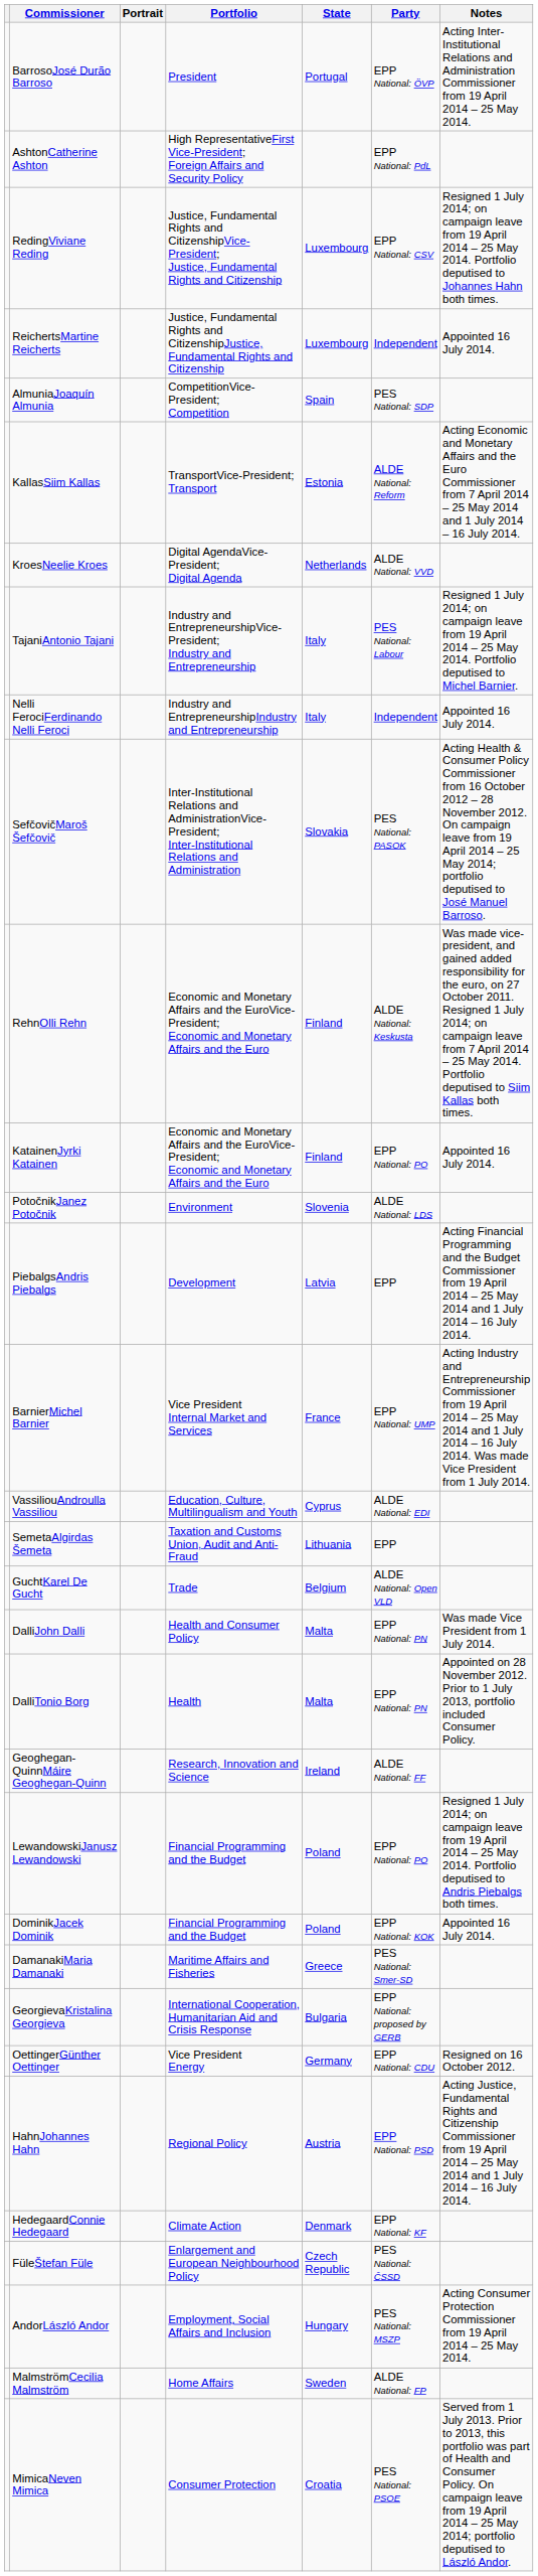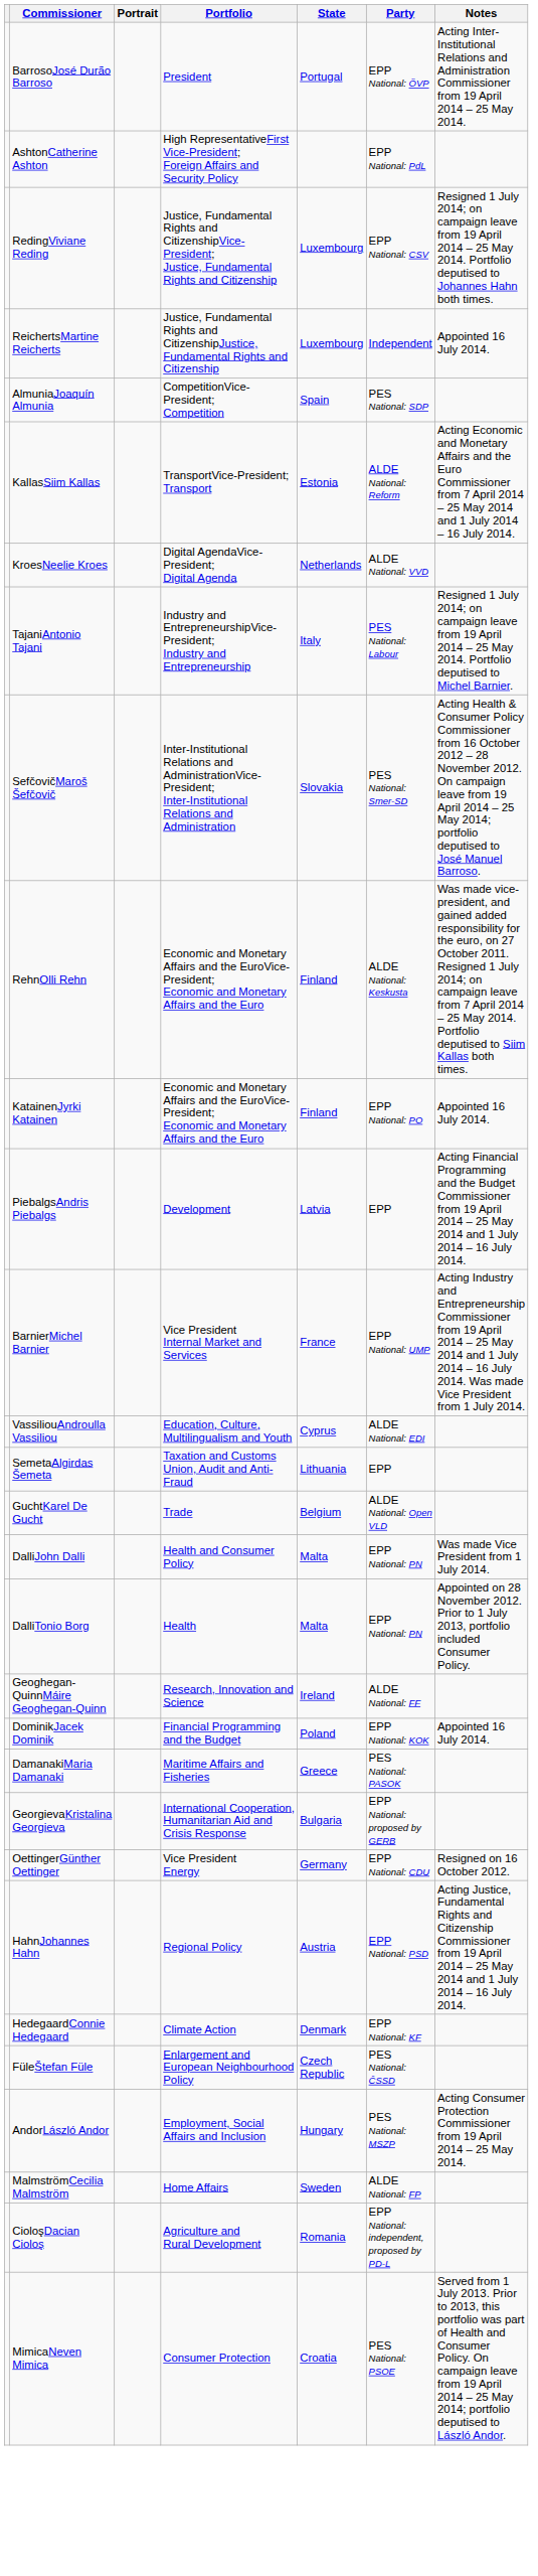 <table class="wikitable sortable" width=100% style="border-collapse:collapse; border:#555">
 <tr>
 <th class="unsortable"></th>
 <th bgcolor="#99BADD"><a href='#'>Commissioner</a></th>
 <th bgcolor="#99BADD" class="unsortable">Portrait</th>
 <th bgcolor="#99BADD"><a href='#'>Portfolio</a></th>
 <th bgcolor="#99BADD"><a href='#'>State</a></th>
 <th bgcolor="#99BADD"><a href='#'>Party</a></th>
 <th class="unsortable">Notes</th>
 </tr>
 <tr>
 <td width=5px style="background-color: "></td>
 <td><span>Barroso</span><a href='#'>José Durão Barroso</a></td>
 <td></td>
 <td><a href='#'>President</a></td>
 <td> <a href='#'>Portugal</a></td>
 <td>EPP<br><small><em>National: <a href='#'>ÖVP</a></em></small></td>
 <td>Acting Inter-Institutional Relations and Administration Commissioner from 19 April 2014 – 25 May 2014.</td>
 </tr>
 <tr>
 <td style="background-color: "></td>
 <td><span>Ashton</span><a href='#'>Catherine Ashton</a></td>
 <td></td>
 <td><span>High Representative</span><a href='#'>First Vice-President</a>;<br><a href='#'>Foreign Affairs and Security Policy</a></td>
 <td></td>
 <td>EPP<br><small><em>National: <a href='#'>PdL</a></em></small></td>
 <td></td>
 </tr>
 <tr>
 <td width=5px style="background-color: "></td>
 <td><span>Reding</span><a href='#'>Viviane Reding</a></td>
 <td></td>
 <td><span>Justice, Fundamental Rights and Citizenship</span><a href='#'>Vice-President</a>;<br><a href='#'>Justice, Fundamental Rights and Citizenship</a></td>
 <td> <a href='#'>Luxembourg</a></td>
 <td>EPP<br><small><em>National: <a href='#'>CSV</a></em></small></td>
 <td>Resigned 1 July 2014; on campaign leave from 19 April 2014 – 25 May 2014. Portfolio deputised to <a href='#'>Johannes Hahn</a> both times.</td>
 </tr>
 <tr>
 <td width=5px style="background-color: "></td>
 <td><span>Reicherts</span><a href='#'>Martine Reicherts</a></td>
 <td></td>
 <td><span>Justice, Fundamental Rights and Citizenship</span><a href='#'>Justice, Fundamental Rights and Citizenship</a></td>
 <td> <a href='#'>Luxembourg</a></td>
 <td><a href='#'>Independent</a></td>
 <td>Appointed 16 July 2014.</td>
 </tr>
 <tr>
 <td style="background-color: "></td>
 <td><span>Almunia</span><a href='#'>Joaquín Almunia</a></td>
 <td></td>
 <td><span>Competition</span>Vice-President;<br><a href='#'>Competition</a></td>
 <td> <a href='#'>Spain</a></td>
 <td>PES<br><small><em>National: <a href='#'>SDP</a></em></small></td>
 <td></td>
 </tr>
 <tr>
 <td width=5px style="background-color: "></td>
 <td><span>Kallas</span><a href='#'>Siim Kallas</a></td>
 <td></td>
 <td><span>Transport</span>Vice-President;<br><a href='#'>Transport</a></td>
 <td> <a href='#'>Estonia</a></td>
 <td><a href='#'>ALDE</a><br><small><em>National: <a href='#'>Reform</a></em></small></td>
 <td>Acting Economic and Monetary Affairs and the Euro Commissioner from 7 April 2014 – 25 May 2014 and 1 July 2014 – 16 July 2014.</td>
 </tr>
 <tr>
 <td width=5px style="background-color: "></td>
 <td><span>Kroes</span><a href='#'>Neelie Kroes</a></td>
 <td></td>
 <td><span>Digital Agenda</span>Vice-President;<br><a href='#'>Digital Agenda</a></td>
 <td> <a href='#'>Netherlands</a></td>
 <td>ALDE<br><small><em>National: <a href='#'>VVD</a></em></small></td>
 <td></td>
 </tr>
 <tr>
 <td width=5px style="background-color: "></td>
 <td><span>Tajani</span><a href='#'>Antonio Tajani</a></td>
 <td></td>
 <td><span>Industry and Entrepreneurship</span>Vice-President;<br><a href='#'>Industry and Entrepreneurship</a></td>
 <td> <a href='#'>Italy</a></td>
 <td><a href='#'>PES</a><br><small><em>National: <a href='#'>Labour</a></em></small></td>
 <td>Resigned 1 July 2014; on campaign leave from 19 April 2014 – 25 May 2014. Portfolio deputised to <a href='#'>Michel Barnier</a>.</td>
 </tr>
 <tr>
-<td width=5px style="background-color: "></td>
-<td><span>Nelli Feroci</span><a href='#'>Ferdinando Nelli Feroci</a></td>
-<td></td>
-<td><span>Industry and Entrepreneurship</span><a href='#'>Industry and Entrepreneurship</a></td>
-<td> <a href='#'>Italy</a></td>
-<td><a href='#'>Independent</a></td>
-<td>Appointed 16 July 2014.</td>
-</tr>
-<tr>
 <td style="background-color: "></td>
 <td><span>Sefčovič</span><a href='#'>Maroš Šefčovič</a></td>
 <td></td>
 <td><span>Inter-Institutional Relations and Administration</span>Vice-President;<br><a href='#'>Inter-Institutional Relations and Administration</a></td>
 <td> <a href='#'>Slovakia</a></td>
-<td>PES<br><small><em>National: <a href='#'>PASOK</a></em></small></td>
+<td>PES<br><small><em>National: <a href='#'>Smer-SD</a></em></small></td>
 <td>Acting Health & Consumer Policy Commissioner from 16 October 2012 – 28 November 2012. On campaign leave from 19 April 2014 – 25 May 2014; portfolio deputised to <a href='#'>José Manuel Barroso</a>.</td>
 </tr>
 <tr>
 <td width=5px style="background-color: "></td>
 <td><span>Rehn</span><a href='#'>Olli Rehn</a></td>
 <td></td>
 <td><span>Economic and Monetary Affairs and the Euro</span>Vice-President;<br><a href='#'>Economic and Monetary Affairs and the Euro</a></td>
 <td> <a href='#'>Finland</a></td>
 <td>ALDE<br><small><em>National: <a href='#'>Keskusta</a></em></small></td>
 <td>Was made vice-president, and gained added responsibility for the euro, on 27 October 2011. Resigned 1 July 2014; on campaign leave from 7 April 2014 – 25 May 2014. Portfolio deputised to <a href='#'>Siim Kallas</a> both times.</td>
 </tr>
 <tr>
 <td width=5px style="background-color: "></td>
 <td><span>Katainen</span><a href='#'>Jyrki Katainen</a></td>
 <td></td>
 <td><span>Economic and Monetary Affairs and the Euro</span>Vice-President;<br><a href='#'>Economic and Monetary Affairs and the Euro</a></td>
 <td> <a href='#'>Finland</a></td>
 <td>EPP<br><small><em>National: <a href='#'>PO</a></em></small></td>
 <td>Appointed 16 July 2014.</td>
-</tr>
-<tr>
-<td width=5px style="background-color: "></td>
-<td><span>Potočnik</span><a href='#'>Janez Potočnik</a></td>
-<td></td>
-<td><a href='#'>Environment</a></td>
-<td> <a href='#'>Slovenia</a></td>
-<td>ALDE<br><small><em>National: <a href='#'>LDS</a></em></small></td>
-<td></td>
 </tr>
 <tr>
 <td width=5px style="background-color: "></td>
 <td><span>Piebalgs</span><a href='#'>Andris Piebalgs</a></td>
 <td></td>
 <td><a href='#'>Development</a></td>
 <td> <a href='#'>Latvia</a></td>
 <td>EPP</td>
 <td>Acting Financial Programming and the Budget Commissioner from 19 April 2014 – 25 May 2014 and 1 July 2014 – 16 July 2014.</td>
 </tr>
 <tr>
 <td width=5px style="background-color: "></td>
 <td><span>Barnier</span><a href='#'>Michel Barnier</a></td>
 <td></td>
 <td>Vice President<br><a href='#'>Internal Market and Services</a></td>
 <td> <a href='#'>France</a></td>
 <td>EPP<br><small><em>National: <a href='#'>UMP</a></em></small></td>
 <td>Acting Industry and Entrepreneurship Commissioner from 19 April 2014 – 25 May 2014 and 1 July 2014 – 16 July 2014. Was made Vice President from 1 July 2014.</td>
 </tr>
 <tr>
 <td width=5px style="background-color: "></td>
 <td><span>Vassiliou</span><a href='#'>Androulla Vassiliou</a></td>
 <td></td>
 <td><a href='#'>Education, Culture, Multilingualism and Youth</a></td>
 <td> <a href='#'>Cyprus</a></td>
 <td>ALDE<br><small><em>National: <a href='#'>EDI</a></em></small></td>
 <td></td>
 </tr>
 <tr>
 <td width=5px style="background-color: "></td>
 <td><span>Semeta</span><a href='#'>Algirdas Šemeta</a></td>
 <td></td>
 <td><a href='#'>Taxation and Customs Union, Audit and Anti-Fraud</a></td>
 <td> <a href='#'>Lithuania</a></td>
 <td>EPP</td>
 <td></td>
 </tr>
 <tr>
 <td width=5px style="background-color: "></td>
 <td><span>Gucht</span><a href='#'>Karel De Gucht</a></td>
 <td></td>
 <td><a href='#'>Trade</a></td>
 <td> <a href='#'>Belgium</a></td>
 <td>ALDE<br><small><em>National: <a href='#'>Open VLD</a></em></small></td>
 <td></td>
 </tr>
 <tr>
 <td width=5px style="background-color: "></td>
 <td><span>Dalli</span><a href='#'>John Dalli</a></td>
 <td></td>
 <td><a href='#'>Health and Consumer Policy</a></td>
 <td> <a href='#'>Malta</a></td>
 <td>EPP<br><small><em>National: <a href='#'>PN</a></em></small></td>
 <td>Was made Vice President from 1 July 2014.</td>
 </tr>
 <tr>
 <td width=5px style="background-color: "></td>
 <td><span>Dalli</span><a href='#'>Tonio Borg</a></td>
 <td></td>
 <td><a href='#'>Health</a></td>
 <td> <a href='#'>Malta</a></td>
 <td>EPP<br><small><em>National: <a href='#'>PN</a></em></small></td>
 <td>Appointed on 28 November 2012. Prior to 1 July 2013, portfolio included Consumer Policy.</td>
 </tr>
 <tr>
 <td width=5px style="background-color: "></td>
 <td><span>Geoghegan-Quinn</span><a href='#'>Máire Geoghegan-Quinn</a></td>
 <td></td>
 <td><a href='#'>Research, Innovation and Science</a></td>
 <td> <a href='#'>Ireland</a></td>
 <td>ALDE<br><small><em>National: <a href='#'>FF</a></em></small></td>
 <td></td>
 </tr>
 <tr>
 <td width=5px style="background-color: "></td>
-<td><span>Lewandowski</span><a href='#'>Janusz Lewandowski</a></td>
-<td></td>
-<td><a href='#'>Financial Programming and the Budget</a></td>
-<td> <a href='#'>Poland</a></td>
-<td>EPP<br><small><em>National: <a href='#'>PO</a></em></small></td>
-<td>Resigned 1 July 2014; on campaign leave from 19 April 2014 – 25 May 2014. Portfolio deputised to <a href='#'>Andris Piebalgs</a> both times.</td>
-</tr>
-<tr>
-<td width=5px style="background-color: "></td>
 <td><span>Dominik</span><a href='#'>Jacek Dominik</a></td>
 <td></td>
 <td><a href='#'>Financial Programming and the Budget</a></td>
 <td> <a href='#'>Poland</a></td>
 <td>EPP<br><small><em>National: <a href='#'>KOK</a></em></small></td>
 <td>Appointed 16 July 2014.</td>
 </tr>
 <tr>
 <td style="background-color: "></td>
 <td><span>Damanaki</span><a href='#'>Maria Damanaki</a></td>
 <td></td>
 <td><a href='#'>Maritime Affairs and Fisheries</a></td>
 <td> <a href='#'>Greece</a></td>
-<td>PES<br><small><em>National: <a href='#'>Smer-SD</a></em></small></td>
+<td>PES<br><small><em>National: <a href='#'>PASOK</a></em></small></td>
 <td></td>
 </tr>
 <tr>
 <td width=5px style="background-color: "></td>
 <td><span>Georgieva</span><a href='#'>Kristalina Georgieva</a></td>
 <td></td>
 <td><a href='#'>International Cooperation, Humanitarian Aid and Crisis Response</a></td>
 <td> <a href='#'>Bulgaria</a></td>
 <td>EPP<br><small><em>National: proposed by <a href='#'>GERB</a></em></small></td>
 <td></td>
 </tr>
 <tr>
 <td width=5px style="background-color: "></td>
 <td><span>Oettinger</span><a href='#'>Günther Oettinger</a></td>
 <td></td>
 <td>Vice President<br><a href='#'>Energy</a></td>
 <td> <a href='#'>Germany</a></td>
 <td>EPP<br><small><em>National: <a href='#'>CDU</a></em></small></td>
 <td>Resigned on 16 October 2012.</td>
 </tr>
 <tr>
 <td width=5px style="background-color: "></td>
 <td><span>Hahn</span><a href='#'>Johannes Hahn</a></td>
 <td></td>
 <td><a href='#'>Regional Policy</a></td>
 <td> <a href='#'>Austria</a></td>
 <td><a href='#'>EPP</a><br><small><em>National: <a href='#'>PSD</a></em></small></td>
 <td>Acting Justice, Fundamental Rights and Citizenship Commissioner from 19 April 2014 – 25 May 2014 and 1 July 2014 – 16 July 2014.</td>
 </tr>
 <tr>
 <td width=5px style="background-color: "></td>
 <td><span>Hedegaard</span><a href='#'>Connie Hedegaard</a></td>
 <td></td>
 <td><a href='#'>Climate Action</a></td>
 <td> <a href='#'>Denmark</a></td>
 <td>EPP<br><small><em>National: <a href='#'>KF</a></em></small></td>
 <td></td>
 </tr>
 <tr>
 <td style="background-color: "></td>
 <td><span>Füle</span><a href='#'>Štefan Füle</a></td>
 <td></td>
 <td><a href='#'>Enlargement and European Neighbourhood Policy</a></td>
 <td> <a href='#'>Czech Republic</a></td>
 <td>PES<br><small><em>National: <a href='#'>ČSSD</a></em></small></td>
 <td></td>
 </tr>
 <tr>
 <td style="background-color: "></td>
 <td><span>Andor</span><a href='#'>László Andor</a></td>
 <td></td>
 <td><a href='#'>Employment, Social Affairs and Inclusion</a></td>
 <td> <a href='#'>Hungary</a></td>
 <td>PES<br><small><em>National: <a href='#'>MSZP</a></em></small></td>
 <td>Acting Consumer Protection Commissioner from 19 April 2014 – 25 May 2014.</td>
 </tr>
 <tr>
 <td width=5px style="background-color: "></td>
 <td><span>Malmström</span><a href='#'>Cecilia Malmström</a></td>
 <td></td>
 <td><a href='#'>Home Affairs</a></td>
 <td> <a href='#'>Sweden</a></td>
 <td>ALDE<br><small><em>National: <a href='#'>FP</a></em></small></td>
 <td></td>
 </tr>
 <tr>
+<td width=5px style="background-color: "></td>
+<td><span>Cioloş</span><a href='#'>Dacian Cioloş</a></td>
+<td></td>
+<td><a href='#'>Agriculture and Rural Development</a></td>
+<td> <a href='#'>Romania</a></td>
+<td>EPP<br><small><em>National: independent, proposed by <a href='#'>PD-L</a></em></small></td>
+<td></td>
+</tr>
+<tr>
 <td style="background-color: "></td>
 <td><span>Mimica</span><a href='#'>Neven Mimica</a></td>
 <td></td>
 <td><a href='#'>Consumer Protection</a></td>
 <td> <a href='#'>Croatia</a></td>
 <td>PES<br><small><em>National: <a href='#'>PSOE</a></em></small></td>
 <td>Served from 1 July 2013. Prior to 2013, this portfolio was part of Health and Consumer Policy. On campaign leave from 19 April 2014 – 25 May 2014; portfolio deputised to <a href='#'>László Andor</a>.</td>
 </tr>
 </table>
